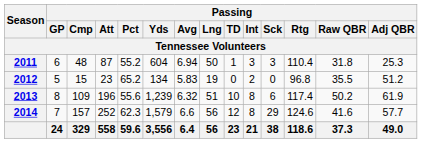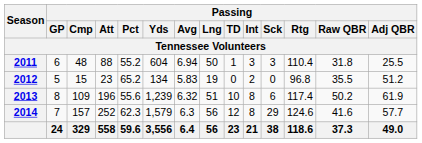 <table class="wikitable" style="text-align:center;">
 <tr>
 <th rowspan="2">Season</th>
 <th colspan="13">Passing</th>
 </tr>
 <tr>
 <th>GP</th>
 <th>Cmp</th>
 <th>Att</th>
 <th>Pct</th>
 <th>Yds</th>
 <th>Avg</th>
 <th>Lng</th>
 <th>TD</th>
 <th>Int</th>
 <th>Sck</th>
 <th>Rtg</th>
 <th>Raw QBR</th>
 <th>Adj QBR</th>
 </tr>
 <tr>
 <th colspan="15">Tennessee Volunteers</th>
 </tr>
 <tr>
 <th><a href='#'>2011</a></th>
 <td>6</td>
 <td>48</td>
-<td>87</td>
+<td>88</td>
 <td>55.2</td>
 <td>604</td>
 <td>6.94</td>
 <td>50</td>
 <td>1</td>
 <td>3</td>
 <td>3</td>
 <td>110.4</td>
 <td>31.8</td>
-<td>25.3</td>
+<td>25.5</td>
 </tr>
 <tr>
 <th><a href='#'>2012</a></th>
 <td>5</td>
 <td>15</td>
 <td>23</td>
 <td>65.2</td>
 <td>134</td>
 <td>5.83</td>
 <td>19</td>
 <td>0</td>
 <td>2</td>
 <td>0</td>
 <td>96.8</td>
 <td>35.5</td>
 <td>51.2</td>
 </tr>
 <tr>
 <th><a href='#'>2013</a></th>
 <td>8</td>
 <td>109</td>
 <td>196</td>
 <td>55.6</td>
 <td>1,239</td>
 <td>6.32</td>
 <td>51</td>
 <td>10</td>
 <td>8</td>
 <td>6</td>
 <td>117.4</td>
 <td>50.2</td>
 <td>61.9</td>
 </tr>
 <tr>
 <th><a href='#'>2014</a></th>
 <td>7</td>
 <td>157</td>
 <td>252</td>
 <td>62.3</td>
 <td>1,579</td>
-<td>6.6</td>
+<td>6.3</td>
 <td>56</td>
 <td>12</td>
 <td>8</td>
 <td>29</td>
 <td>124.6</td>
 <td>41.6</td>
 <td>57.7</td>
 </tr>
 <tr>
 <th></th>
 <th>24</th>
 <th>329</th>
 <th>558</th>
 <th>59.6</th>
 <th>3,556</th>
 <th>6.4</th>
 <th>56</th>
 <th>23</th>
 <th>21</th>
 <th>38</th>
 <th>118.6</th>
 <th>37.3</th>
 <th>49.0</th>
 </tr>
 </table>
